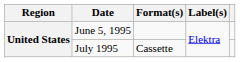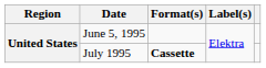 <table class="wikitable plainrowheaders">
 <tr>
 <th scope="col">Region</th>
 <th scope="col">Date</th>
 <th scope="col">Format(s)</th>
 <th scope="col">Label(s)</th>
 <th scope="col"></th>
 </tr>
 <tr>
 <th scope="row" rowspan="2">United States</th>
 <td>June 5, 1995</td>
 <td></td>
 <td rowspan="2"><a href='#'>Elektra</a></td>
 <td></td>
 </tr>
 <tr>
 <td>July 1995</td>
-<td>Cassette</td>
+<td><strong>Cassette</strong></td>
 <td></td>
 </tr>
 </table>
